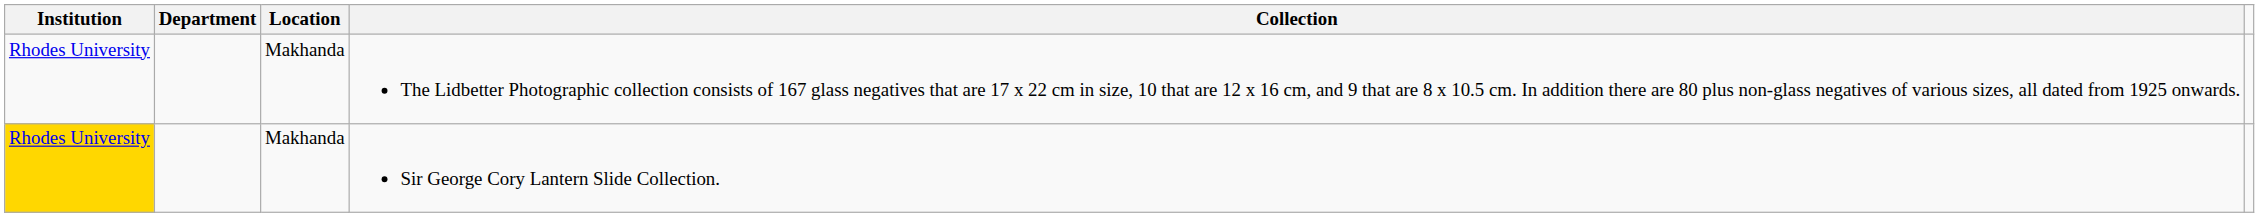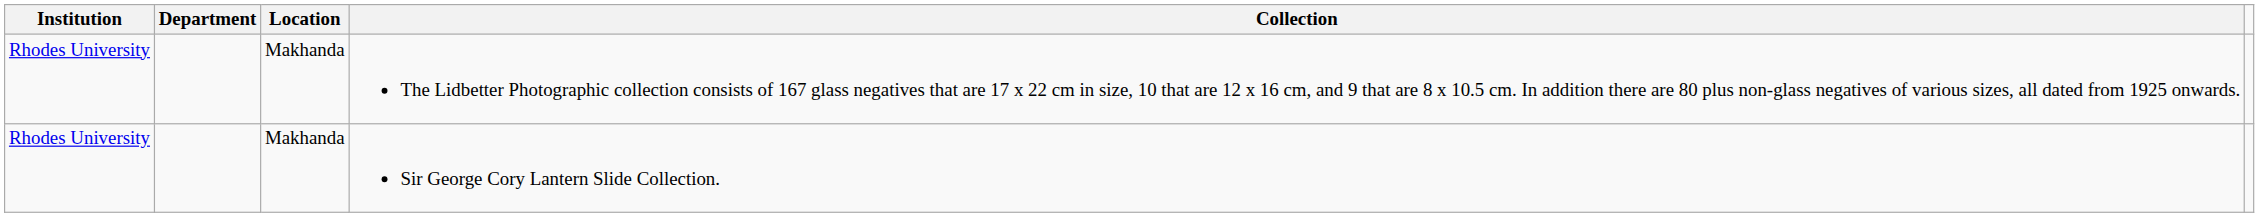 <table class="wikitable sortable">
 <tr>
 <th scope="col">Institution</th>
 <th scope="col">Department</th>
 <th scope="col">Location</th>
 <th scope="col" class="unsortable">Collection</th>
 </tr>
 <tr style="vertical-align: top;">
 <td><a href='#'>Rhodes University</a></td>
 <td></td>
 <td>Makhanda</td>
 <td><br><ul><li>The Lidbetter Photographic collection consists of 167 glass negatives that are 17 x 22 cm in size, 10 that are 12 x 16 cm, and 9 that are 8 x 10.5 cm. In addition there are 80 plus non-glass negatives of various sizes, all dated from 1925 onwards.</li></ul></td>
 <td></td>
 </tr>
 <tr style="vertical-align: top;">
-<td style="background: gold;"><a href='#'>Rhodes University</a></td>
+<td><a href='#'>Rhodes University</a></td>
 <td></td>
 <td>Makhanda</td>
 <td><br><ul><li>Sir George Cory Lantern Slide Collection.</li></ul></td>
 </tr>
 </table>
